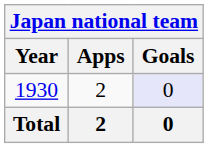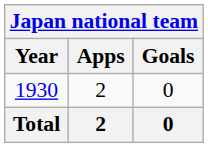 <table class="wikitable" style="text-align:center">
 <tr>
 <th colspan=3><a href='#'>Japan national team</a></th>
 </tr>
 <tr>
 <th>Year</th>
 <th>Apps</th>
 <th>Goals</th>
 </tr>
 <tr>
 <td><a href='#'>1930</a></td>
 <td>2</td>
-<td style="background: lavender;">0</td>
+<td>0</td>
 </tr>
 <tr>
 <th>Total</th>
 <th>2</th>
 <th>0</th>
 </tr>
 </table>
